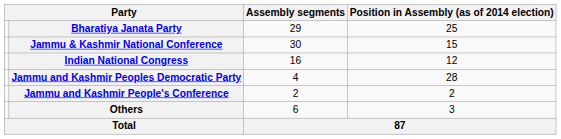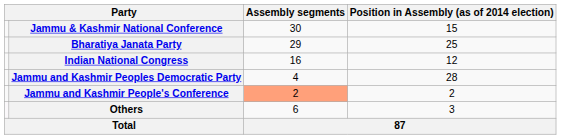 <table class="wikitable" style="text-align:center">
 <tr>
 <th colspan=2>Party</th>
 <th>Assembly segments</th>
 <th>Position in Assembly (as of 2014 election)</th>
 </tr>
 <tr>
 <td></td>
+<th><a href='#'>Jammu & Kashmir National Conference</a></th>
+<td>30</td>
+<td>15</td>
+</tr>
+<tr>
+<td></td>
 <th><a href='#'>Bharatiya Janata Party</a></th>
 <td>29</td>
 <td>25</td>
-</tr>
-<tr>
-<td></td>
-<th><a href='#'>Jammu & Kashmir National Conference</a></th>
-<td>30</td>
-<td>15</td>
 </tr>
 <tr>
 <td></td>
 <th><a href='#'>Indian National Congress</a></th>
 <td>16</td>
 <td>12</td>
 </tr>
 <tr>
 <td></td>
 <th><a href='#'>Jammu and Kashmir Peoples Democratic Party</a></th>
 <td>4</td>
 <td>28</td>
 </tr>
 <tr>
 <td></td>
 <th><a href='#'>Jammu and Kashmir People's Conference</a></th>
-<td>2</td>
+<td style="background: lightsalmon;">2</td>
 <td>2</td>
 </tr>
 <tr>
 <td bgcolor=#FAF8FA></td>
 <th>Others</th>
 <td>6</td>
 <td>3</td>
 </tr>
 <tr>
 <th colspan=2>Total</th>
 <th colspan=2>87</th>
 </tr>
 </table>
